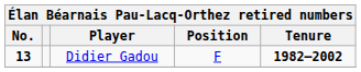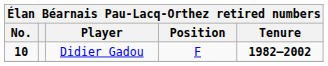 <table class="wikitable" style="text-align:center">
 <tr>
 <th colspan="5">Élan Béarnais Pau-Lacq-Orthez retired numbers</th>
 </tr>
 <tr>
 <th>No.</th>
 <th></th>
 <th>Player</th>
 <th>Position</th>
 <th>Tenure</th>
 </tr>
 <tr>
-<td><strong>13</strong></td>
+<td><strong>10</strong></td>
 <td></td>
 <td><a href='#'>Didier Gadou</a></td>
 <td><a href='#'>F</a></td>
 <td><strong>1982–2002</strong></td>
 </tr>
 <tr>
 </tr>
 </table>
